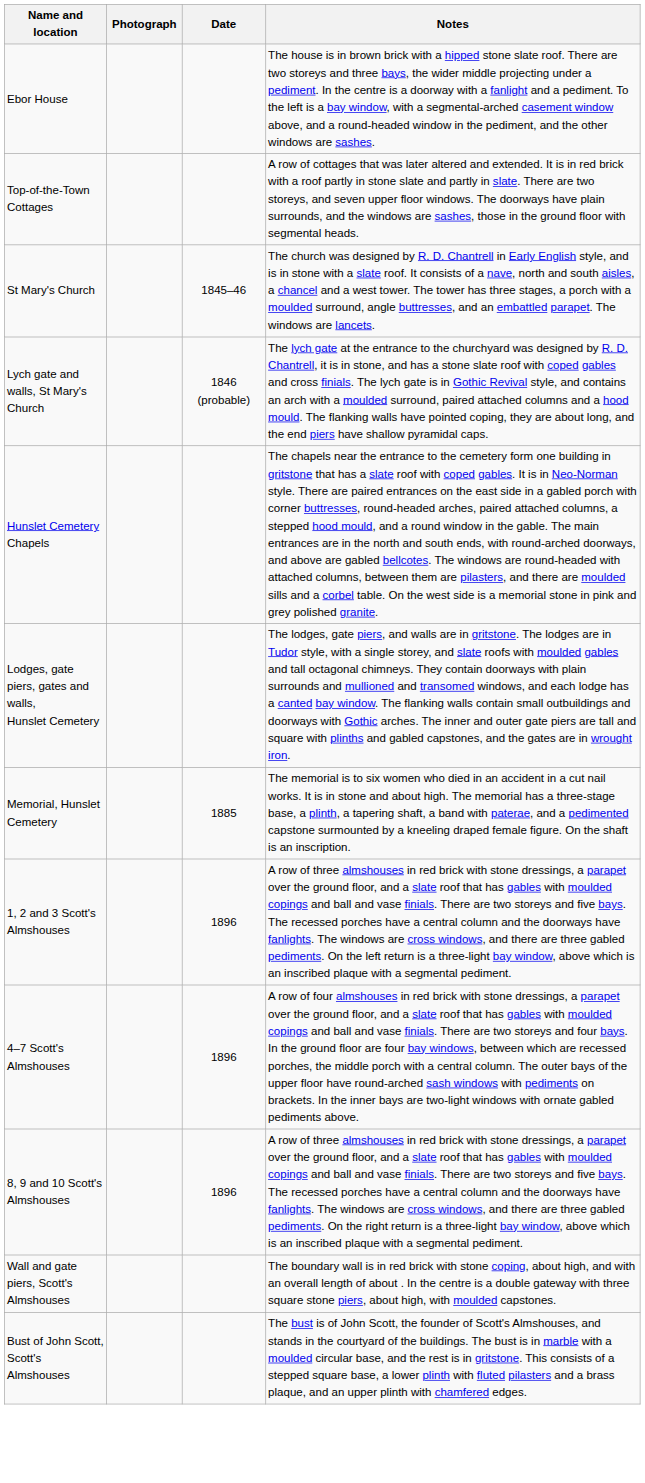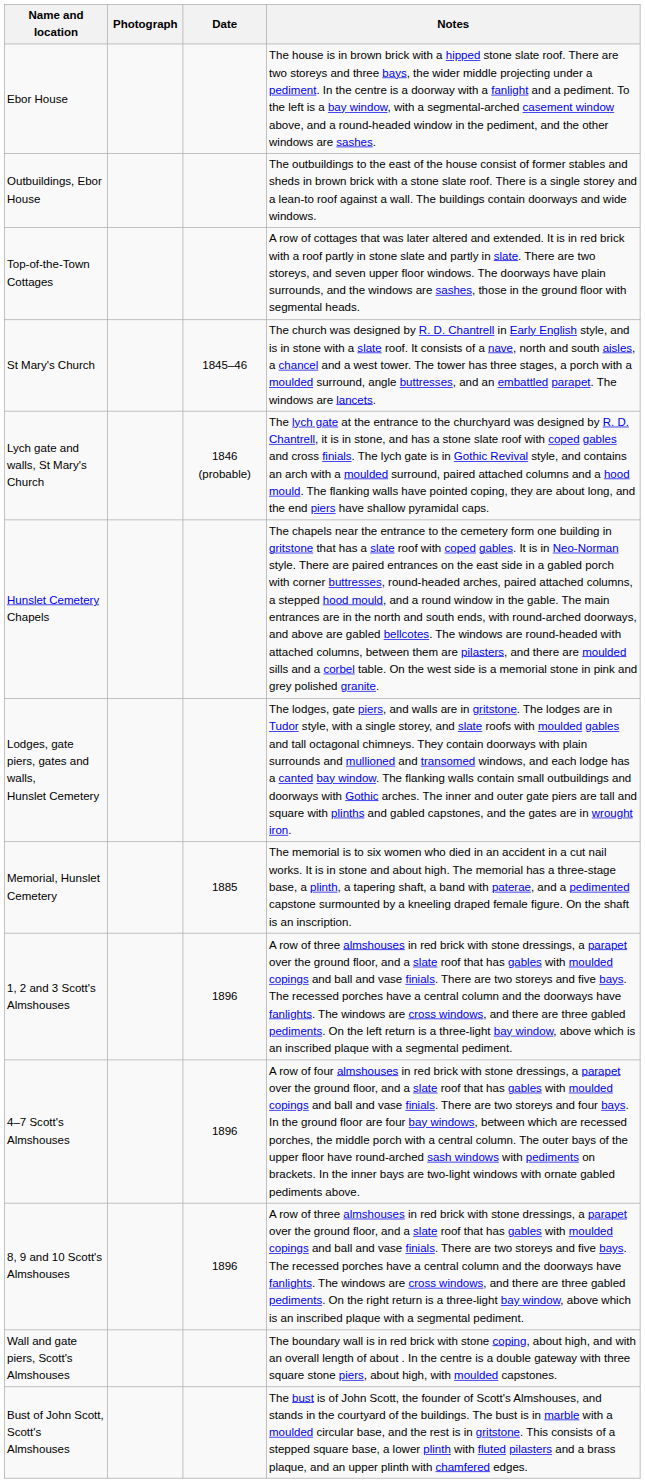 <table class="wikitable sortable plainrowheaders" style="width:100%;border:0px;text-align:left;line-height:150%;">
 <tr>
 <th scope="col"  style="width:150px">Name and location</th>
 <th scope="col"  style="width:100px" class="unsortable">Photograph</th>
 <th scope="col"  style="width:120px">Date</th>
 <th scope="col"  style="width:650px" class="unsortable">Notes</th>
 </tr>
 <tr>
 <td>Ebor House<br><small></small></td>
 <td></td>
 <td align="center"></td>
 <td>The house is in brown brick with a <a href='#'>hipped</a> stone slate roof.  There are two storeys and three <a href='#'>bays</a>, the wider middle projecting under a <a href='#'>pediment</a>.  In the centre is a doorway with a <a href='#'>fanlight</a> and a pediment.  To the left is a <a href='#'>bay window</a>, with a segmental-arched <a href='#'>casement window</a> above, and a round-headed window in the pediment, and the other windows are <a href='#'>sashes</a>.</td>
+</tr>
+<tr>
+<td>Outbuildings, Ebor House<br><small></small></td>
+<td></td>
+<td align="center"></td>
+<td>The outbuildings to the east of the house consist of former stables and sheds in brown brick with a stone slate roof.  There is a single storey and a lean-to roof against a wall.  The buildings contain doorways and wide windows.</td>
 </tr>
 <tr>
 <td>Top-of-the-Town Cottages<br><small></small></td>
 <td></td>
 <td align="center"></td>
 <td>A row of cottages that was later altered and extended.  It is in red brick with a roof partly in stone slate and partly in <a href='#'>slate</a>.  There are two storeys, and seven upper floor windows.  The doorways have plain surrounds, and the windows are <a href='#'>sashes</a>, those in the ground floor with segmental heads.</td>
 </tr>
 <tr>
 <td>St Mary's Church<br><small></small></td>
 <td></td>
 <td align="center">1845–46</td>
 <td>The church was designed by <a href='#'>R. D. Chantrell</a> in <a href='#'>Early English</a> style, and is in stone with a <a href='#'>slate</a> roof.  It consists of a <a href='#'>nave</a>, north and south <a href='#'>aisles</a>, a <a href='#'>chancel</a> and a west tower.  The tower has three stages, a porch with a <a href='#'>moulded</a> surround, angle <a href='#'>buttresses</a>, and an <a href='#'>embattled</a> <a href='#'>parapet</a>.  The windows are <a href='#'>lancets</a>.</td>
 </tr>
 <tr>
 <td>Lych gate and walls, St Mary's Church<br><small></small></td>
 <td></td>
 <td align="center">1846 (probable)</td>
 <td>The <a href='#'>lych gate</a> at the entrance to the churchyard was designed by <a href='#'>R. D. Chantrell</a>, it is in stone, and has a stone slate roof with <a href='#'>coped</a> <a href='#'>gables</a> and cross <a href='#'>finials</a>.  The lych gate is in <a href='#'>Gothic Revival</a> style, and contains an arch with a <a href='#'>moulded</a> surround, paired attached columns and a <a href='#'>hood mould</a>.  The flanking walls have pointed coping, they are about  long, and the end <a href='#'>piers</a> have shallow pyramidal caps.</td>
 </tr>
 <tr>
 <td><a href='#'>Hunslet Cemetery</a> Chapels<br><small></small></td>
 <td></td>
 <td align="center"></td>
 <td>The chapels near the entrance to the cemetery form one building in <a href='#'>gritstone</a> that has a <a href='#'>slate</a> roof with <a href='#'>coped</a> <a href='#'>gables</a>.  It is in <a href='#'>Neo-Norman</a> style.  There are paired entrances on the east side in a gabled porch with corner <a href='#'>buttresses</a>, round-headed arches, paired attached columns, a stepped <a href='#'>hood mould</a>, and a round window in the gable.  The main entrances are in the north and south ends, with round-arched doorways, and above are gabled <a href='#'>bellcotes</a>.  The windows are round-headed with attached columns, between them are <a href='#'>pilasters</a>, and there are <a href='#'>moulded</a> sills and a <a href='#'>corbel</a> table.  On the west side is a memorial stone in pink and grey polished <a href='#'>granite</a>.</td>
 </tr>
 <tr>
 <td>Lodges, gate piers, gates and walls,<br>Hunslet Cemetery<br><small></small></td>
 <td></td>
 <td align="center"></td>
 <td>The lodges, gate <a href='#'>piers</a>, and walls are in <a href='#'>gritstone</a>.  The lodges are in <a href='#'>Tudor</a> style, with a single storey, and <a href='#'>slate</a> roofs with <a href='#'>moulded</a> <a href='#'>gables</a> and tall octagonal chimneys.  They contain doorways with plain surrounds and <a href='#'>mullioned</a> and <a href='#'>transomed</a> windows, and each lodge has a <a href='#'>canted</a> <a href='#'>bay window</a>.  The flanking walls contain small outbuildings and doorways with <a href='#'>Gothic</a> arches.  The inner and outer gate piers are tall and square with <a href='#'>plinths</a> and gabled capstones, and the gates are in <a href='#'>wrought iron</a>.</td>
 </tr>
 <tr>
 <td>Memorial, Hunslet Cemetery<br><small></small></td>
 <td></td>
 <td align="center">1885</td>
 <td>The memorial is to six women who died in an accident in a cut nail works.  It is in stone and about  high.  The memorial has a three-stage base, a <a href='#'>plinth</a>, a tapering shaft, a band with <a href='#'>paterae</a>, and a <a href='#'>pedimented</a> capstone surmounted by a kneeling draped female figure.  On the shaft is an inscription.</td>
 </tr>
 <tr>
 <td>1, 2 and 3 Scott's Almshouses<br><small></small></td>
 <td></td>
 <td align="center">1896</td>
 <td>A row of three <a href='#'>almshouses</a> in red brick with stone dressings, a <a href='#'>parapet</a> over the ground floor, and a <a href='#'>slate</a> roof that has <a href='#'>gables</a> with <a href='#'>moulded</a> <a href='#'>copings</a> and ball and vase <a href='#'>finials</a>.  There are two storeys and five <a href='#'>bays</a>.  The recessed porches have a central column and the doorways have <a href='#'>fanlights</a>.  The windows are <a href='#'>cross windows</a>, and there are three gabled <a href='#'>pediments</a>.  On the left return is a three-light <a href='#'>bay window</a>, above which is an inscribed plaque with a segmental pediment.</td>
 </tr>
 <tr>
 <td>4–7 Scott's Almshouses<br><small></small></td>
 <td></td>
 <td align="center">1896</td>
 <td>A row of four <a href='#'>almshouses</a> in red brick with stone dressings, a <a href='#'>parapet</a> over the ground floor, and a <a href='#'>slate</a> roof that has <a href='#'>gables</a> with <a href='#'>moulded</a> <a href='#'>copings</a> and ball and vase <a href='#'>finials</a>.  There are two storeys and four <a href='#'>bays</a>.  In the ground floor are four <a href='#'>bay windows</a>, between which are recessed porches, the middle porch with a central column.  The outer bays of the upper floor have round-arched <a href='#'>sash windows</a> with <a href='#'>pediments</a> on brackets.  In the inner bays are two-light windows with ornate gabled pediments above.</td>
 </tr>
 <tr>
 <td>8, 9 and 10 Scott's Almshouses<br><small></small></td>
 <td></td>
 <td align="center">1896</td>
 <td>A row of three <a href='#'>almshouses</a> in red brick with stone dressings, a <a href='#'>parapet</a> over the ground floor, and a <a href='#'>slate</a> roof that has <a href='#'>gables</a> with <a href='#'>moulded</a> <a href='#'>copings</a> and ball and vase <a href='#'>finials</a>.  There are two storeys and five <a href='#'>bays</a>.  The recessed porches have a central column and the doorways have <a href='#'>fanlights</a>.  The windows are <a href='#'>cross windows</a>, and there are three gabled <a href='#'>pediments</a>.  On the right return is a three-light <a href='#'>bay window</a>, above which is an inscribed plaque with a segmental pediment.</td>
 </tr>
 <tr>
 <td>Wall and gate piers, Scott's Almshouses<br><small></small></td>
 <td></td>
 <td align="center"></td>
 <td>The boundary wall is in red brick with stone <a href='#'>coping</a>, about  high, and with an overall length of about .  In the centre is a double gateway with three square stone <a href='#'>piers</a>, about  high, with <a href='#'>moulded</a> capstones.</td>
 </tr>
 <tr>
 <td>Bust of John Scott, Scott's Almshouses<br><small></small></td>
 <td></td>
 <td align="center"></td>
 <td>The <a href='#'>bust</a> is of John Scott, the founder of Scott's Almshouses, and stands in the courtyard of the buildings.  The bust is in <a href='#'>marble</a> with a <a href='#'>moulded</a> circular base, and the rest is in <a href='#'>gritstone</a>.  This consists of a stepped square base, a lower <a href='#'>plinth</a> with <a href='#'>fluted</a> <a href='#'>pilasters</a> and a brass plaque, and an upper plinth with <a href='#'>chamfered</a> edges.</td>
 </tr>
 <tr>
 </tr>
 </table>
